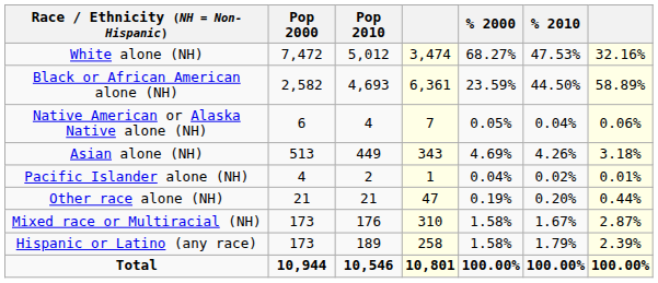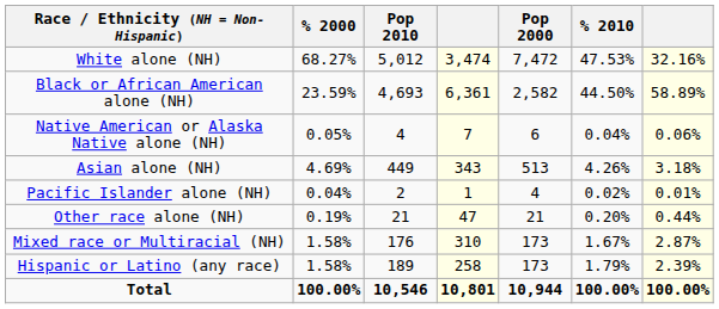 <table class="wikitable" style="text-align:center;">
 <tr>
 <th>Race / Ethnicity <small>(<em>NH = Non-Hispanic</em>)</small></th>
-<th>Pop 2000</th>
+<th>% 2000</th>
 <th>Pop 2010</th>
 <th></th>
-<th>% 2000</th>
+<th>Pop 2000</th>
 <th>% 2010</th>
 <th></th>
 </tr>
 <tr>
 <td><a href='#'>White</a> alone (NH)</td>
-<td>7,472</td>
+<td>68.27%</td>
 <td>5,012</td>
 <td style='background: #ffffe6;'>3,474</td>
-<td>68.27%</td>
+<td>7,472</td>
 <td>47.53%</td>
 <td style='background: #ffffe6;'>32.16%</td>
 </tr>
 <tr>
 <td><a href='#'>Black or African American</a> alone (NH)</td>
-<td>2,582</td>
+<td>23.59%</td>
 <td>4,693</td>
 <td style='background: #ffffe6;'>6,361</td>
-<td>23.59%</td>
+<td>2,582</td>
 <td>44.50%</td>
 <td style='background: #ffffe6;'>58.89%</td>
 </tr>
 <tr>
 <td><a href='#'>Native American</a> or <a href='#'>Alaska Native</a> alone (NH)</td>
-<td>6</td>
+<td>0.05%</td>
 <td>4</td>
 <td style='background: #ffffe6;'>7</td>
-<td>0.05%</td>
+<td>6</td>
 <td>0.04%</td>
 <td style='background: #ffffe6;'>0.06%</td>
 </tr>
 <tr>
 <td><a href='#'>Asian</a> alone (NH)</td>
-<td>513</td>
+<td>4.69%</td>
 <td>449</td>
 <td style='background: #ffffe6;'>343</td>
-<td>4.69%</td>
+<td>513</td>
 <td>4.26%</td>
 <td style='background: #ffffe6;'>3.18%</td>
 </tr>
 <tr>
 <td><a href='#'>Pacific Islander</a> alone (NH)</td>
-<td>4</td>
+<td>0.04%</td>
 <td>2</td>
 <td style='background: #ffffe6;'>1</td>
-<td>0.04%</td>
+<td>4</td>
 <td>0.02%</td>
 <td style='background: #ffffe6;'>0.01%</td>
 </tr>
 <tr>
 <td><a href='#'>Other race</a> alone (NH)</td>
-<td>21</td>
+<td>0.19%</td>
 <td>21</td>
 <td style='background: #ffffe6;'>47</td>
-<td>0.19%</td>
+<td>21</td>
 <td>0.20%</td>
 <td style='background: #ffffe6;'>0.44%</td>
 </tr>
 <tr>
 <td><a href='#'>Mixed race or Multiracial</a> (NH)</td>
-<td>173</td>
+<td>1.58%</td>
 <td>176</td>
 <td style='background: #ffffe6;'>310</td>
-<td>1.58%</td>
+<td>173</td>
 <td>1.67%</td>
 <td style='background: #ffffe6;'>2.87%</td>
 </tr>
 <tr>
 <td><a href='#'>Hispanic or Latino</a> (any race)</td>
-<td>173</td>
+<td>1.58%</td>
 <td>189</td>
 <td style='background: #ffffe6;'>258</td>
-<td>1.58%</td>
+<td>173</td>
 <td>1.79%</td>
 <td style='background: #ffffe6;'>2.39%</td>
 </tr>
 <tr>
 <td><strong>Total</strong></td>
-<td><strong>10,944</strong></td>
+<td><strong>100.00%</strong></td>
 <td><strong>10,546</strong></td>
 <td style='background: #ffffe6;'><strong>10,801</strong></td>
-<td><strong>100.00%</strong></td>
+<td><strong>10,944</strong></td>
 <td><strong>100.00%</strong></td>
 <td style='background: #ffffe6;'><strong>100.00%</strong></td>
 </tr>
 </table>
